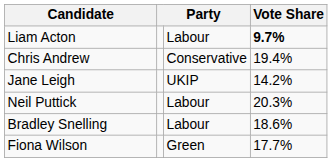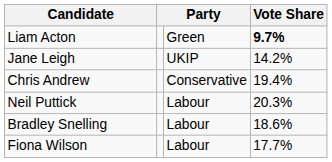 <table class="wikitable">
 <tr>
 <th width="170">Candidate</th>
 <th colspan="2">Party</th>
 <th>Vote Share</th>
 </tr>
 <tr>
 <td>Liam Acton</td>
 <td style="color:inherit;background:"></td>
-<td>Labour</td>
+<td>Green</td>
 <td><strong>9.7%</strong></td>
+</tr>
+<tr>
+<td>Jane Leigh</td>
+<td style="color:inherit;background:"></td>
+<td>UKIP</td>
+<td>14.2%</td>
 </tr>
 <tr>
 <td>Chris Andrew</td>
 <td style="color:inherit;background:"></td>
 <td>Conservative</td>
 <td>19.4%</td>
-</tr>
-<tr>
-<td>Jane Leigh</td>
-<td style="color:inherit;background:"></td>
-<td>UKIP</td>
-<td>14.2%</td>
 </tr>
 <tr>
 <td>Neil Puttick</td>
 <td style="color:inherit;background:"></td>
 <td>Labour</td>
 <td>20.3%</td>
 </tr>
 <tr>
 <td>Bradley Snelling</td>
 <td style="color:inherit;background:"></td>
 <td>Labour</td>
 <td>18.6%</td>
 </tr>
 <tr>
 <td>Fiona Wilson</td>
 <td style="color:inherit;background:"></td>
-<td>Green</td>
+<td>Labour</td>
 <td>17.7%</td>
 </tr>
 </table>
